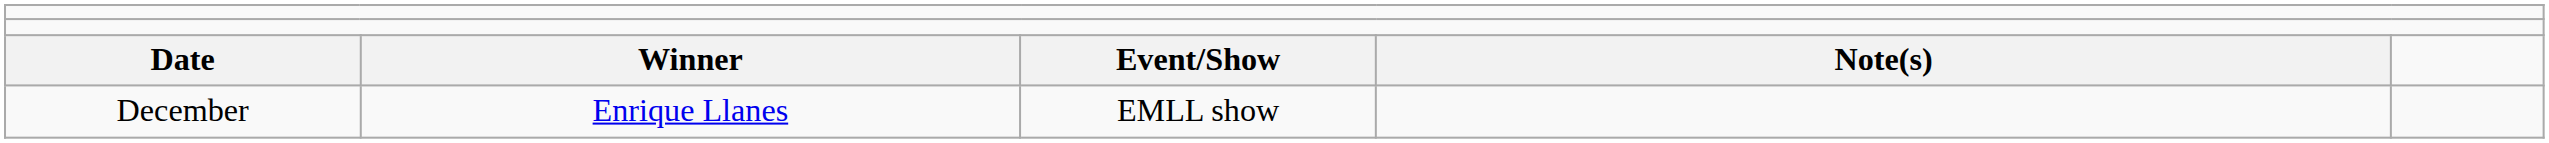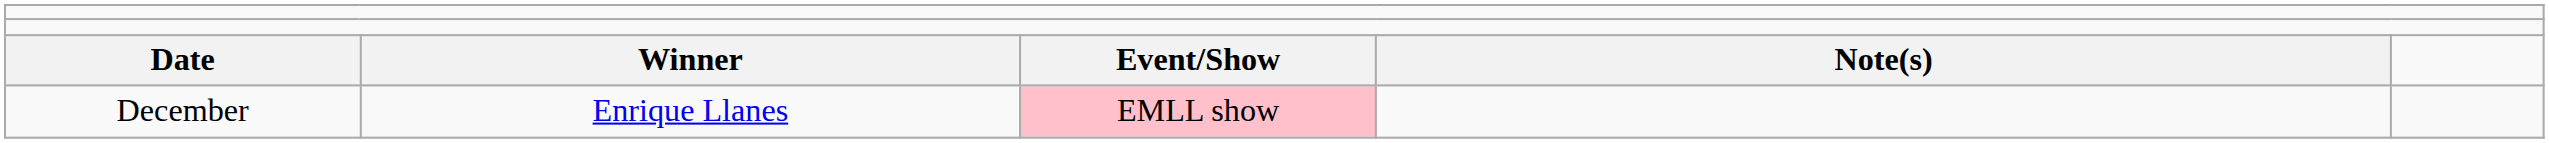 <table class="wikitable" style="text-align:center; width:100%;">
 <tr>
 <td colspan=5></td>
 </tr>
 <tr>
 <td colspan=5><strong></strong></td>
 </tr>
 <tr>
 <th width=14%>Date</th>
 <th width=26%>Winner</th>
 <th width=14%>Event/Show</th>
 <th width=40%>Note(s)</th>
 </tr>
 <tr>
 <td>December</td>
 <td><a href='#'>Enrique Llanes</a></td>
-<td>EMLL show</td>
+<td style="background: pink;">EMLL show</td>
 <td></td>
 <td></td>
 </tr>
 </table>
